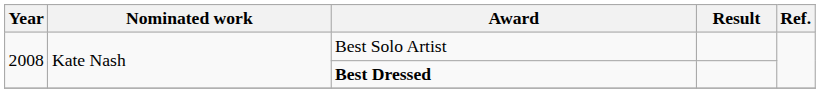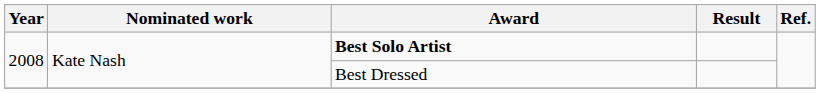 <table class="wikitable">
 <tr>
 <th>Year</th>
 <th width="250">Nominated work</th>
 <th width="325">Award</th>
 <th width="65">Result</th>
 <th>Ref.</th>
 </tr>
 <tr>
 <td align="center" rowspan=2>2008</td>
 <td rowspan=2>Kate Nash</td>
-<td>Best Solo Artist</td>
+<td><strong>Best Solo Artist</strong></td>
 <td></td>
 <td align="center" rowspan=2></td>
 </tr>
 <tr>
-<td><strong>Best Dressed</strong></td>
+<td>Best Dressed</td>
 <td></td>
 </tr>
 <tr>
 </tr>
 </table>
